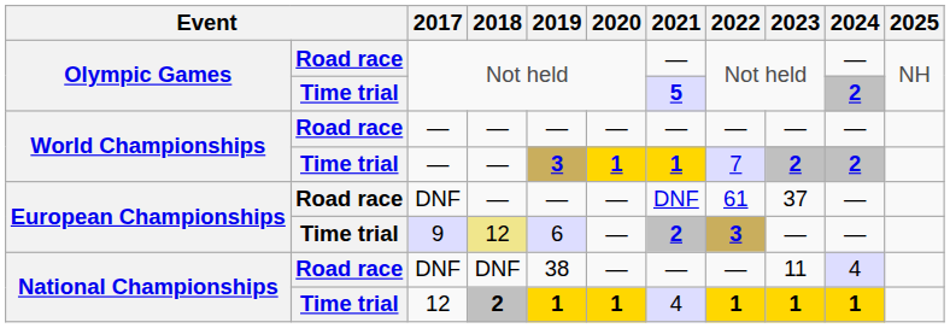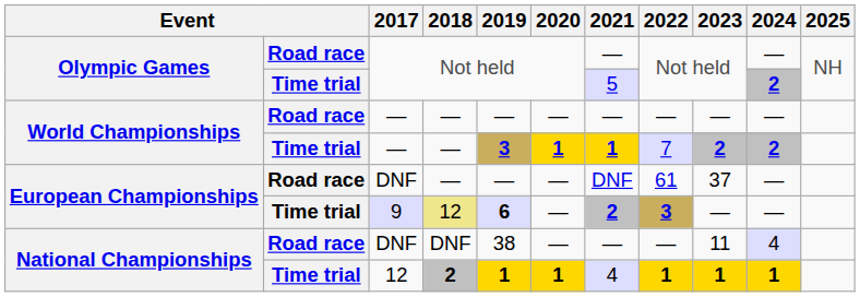 <table class="wikitable plainrowheaders">
 <tr>
 <th colspan="2" scope="col">Event</th>
 <th scope="col">2017</th>
 <th scope="col">2018</th>
 <th scope="col">2019</th>
 <th scope="col">2020</th>
 <th scope="col">2021</th>
 <th scope="col">2022</th>
 <th scope="col">2023</th>
 <th scope="col">2024</th>
 <th scope="col">2025</th>
 </tr>
 <tr style="text-align:center;">
 <th scope="row" rowspan=2> <a href='#'>Olympic Games</a></th>
 <th scope="row"><a href='#'>Road race</a></th>
 <td style="color:#4d4d4d;" colspan=4 rowspan=2>Not held</td>
 <td>—</td>
 <td style="color:#4d4d4d;" colspan=2 rowspan=2>Not held</td>
 <td>—</td>
 <td style="color:#4d4d4d;" rowspan=2>NH</td>
 </tr>
 <tr style="text-align:center;">
 <th scope="row"><a href='#'>Time trial</a></th>
-<td style="background:#ddf;"><strong><a href='#'>5</a></strong></td>
+<td style="background:#ddf;"><a href='#'>5</a></td>
 <td style="background:silver;"><a href='#'><strong>2</strong></a></td>
 </tr>
 <tr style="text-align:center;">
 <th rowspan="2" scope="row"> <a href='#'>World Championships</a></th>
 <th scope="row"><a href='#'>Road race</a></th>
 <td>—</td>
 <td>—</td>
 <td>—</td>
 <td>—</td>
 <td>—</td>
 <td>—</td>
 <td>—</td>
 <td>—</td>
 <td></td>
 </tr>
 <tr style="text-align:center;">
 <th scope="row"><a href='#'>Time trial</a></th>
 <td>—</td>
 <td>—</td>
 <td style="background:#C9AE5D;"><a href='#'><strong>3</strong></a></td>
 <td style="background:gold;"><a href='#'><strong>1</strong></a></td>
 <td style="background:gold;"><a href='#'><strong>1</strong></a></td>
 <td style="background:#ddf;"><a href='#'>7</a></td>
 <td style="background:silver;"><a href='#'><strong>2</strong></a></td>
 <td style="background:silver;"><a href='#'><strong>2</strong></a></td>
 <td></td>
 </tr>
 <tr style="text-align:center;">
 <th rowspan="2" scope="row"> <a href='#'>European Championships</a></th>
 <th scope="row">Road race</th>
 <td>DNF</td>
 <td>—</td>
 <td>—</td>
 <td>—</td>
 <td><a href='#'>DNF</a></td>
 <td><a href='#'>61</a></td>
 <td>37</td>
 <td>—</td>
 <td></td>
 </tr>
 <tr style="text-align:center;">
 <th scope="row">Time trial</th>
 <td style="background:#ddf;">9</td>
 <td style="background: khaki;">12</td>
-<td style="background:#ddf;">6</td>
+<td style="background:#ddf;"><strong>6</strong></td>
 <td>—</td>
 <td style="background:silver;"><a href='#'><strong>2</strong></a></td>
 <td style="background:#C9AE5D;"><a href='#'><strong>3</strong></a></td>
 <td>—</td>
 <td>—</td>
 <td></td>
 </tr>
 <tr style="text-align:center;">
 <th rowspan="2" scope="row"> <a href='#'>National Championships</a></th>
 <th scope="row"><a href='#'>Road race</a></th>
 <td>DNF</td>
 <td>DNF</td>
 <td>38</td>
 <td>—</td>
 <td>—</td>
 <td>—</td>
 <td>11</td>
 <td style="background:#ddf;">4</td>
 <td></td>
 </tr>
 <tr style="text-align:center;">
 <th scope="row"><a href='#'>Time trial</a></th>
 <td>12</td>
 <td style="background:silver;"><strong>2</strong></td>
 <td style="background:gold;"><strong>1</strong></td>
 <td style="background:gold;"><strong>1</strong></td>
 <td style="background:#ddf;">4</td>
 <td style="background:gold;"><strong>1</strong></td>
 <td style="background:gold;"><strong>1</strong></td>
 <td style="background:gold;"><strong>1</strong></td>
 <td></td>
 </tr>
 </table>
